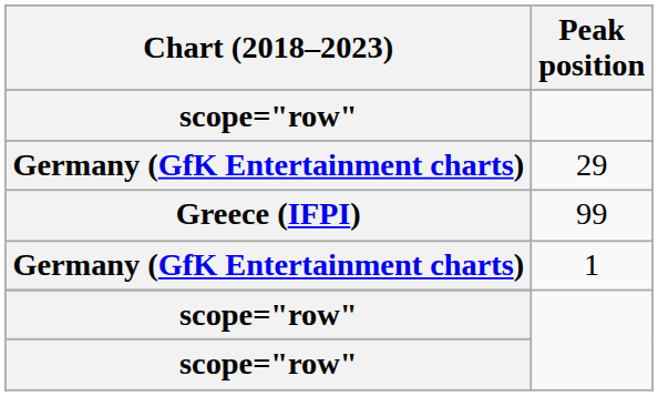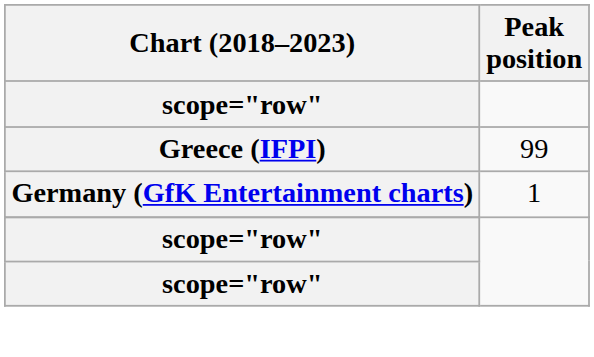 <table class="wikitable plainrowheaders sortable">
 <tr>
 <th scope="col">Chart (2018–2023)</th>
 <th scope="col">Peak<br>position</th>
 </tr>
 <tr>
 <th>scope="row"</th>
-</tr>
-<tr>
-<th scope="row">Germany (<a href='#'>GfK Entertainment charts</a>)</th>
-<td style="text-align:center;">29</td>
 </tr>
 <tr>
 <th scope="row">Greece (<a href='#'>IFPI</a>)<br><em></em></th>
 <td style="text-align:center;">99</td>
 </tr>
 <tr>
 <th scope="row">Germany (<a href='#'>GfK Entertainment charts</a>)</th>
 <td style="text-align:center;">1</td>
 </tr>
 <tr>
 </tr>
 <tr>
 <th>scope="row"</th>
 </tr>
 <tr>
 <th>scope="row"</th>
 </tr>
 </table>
